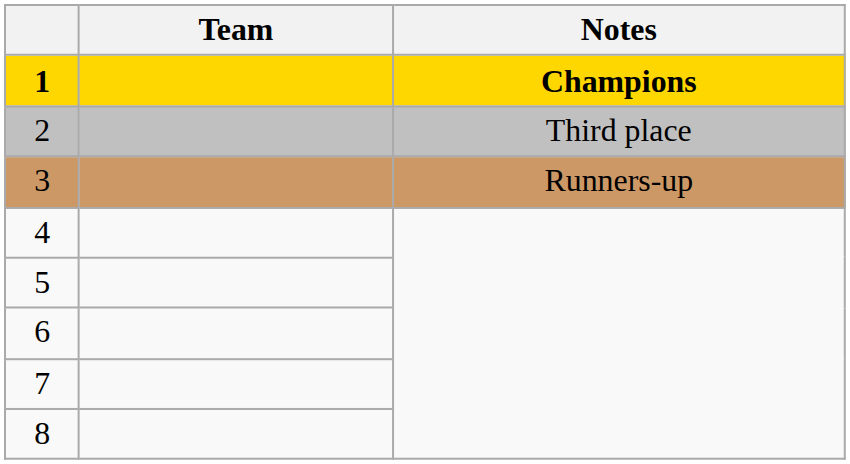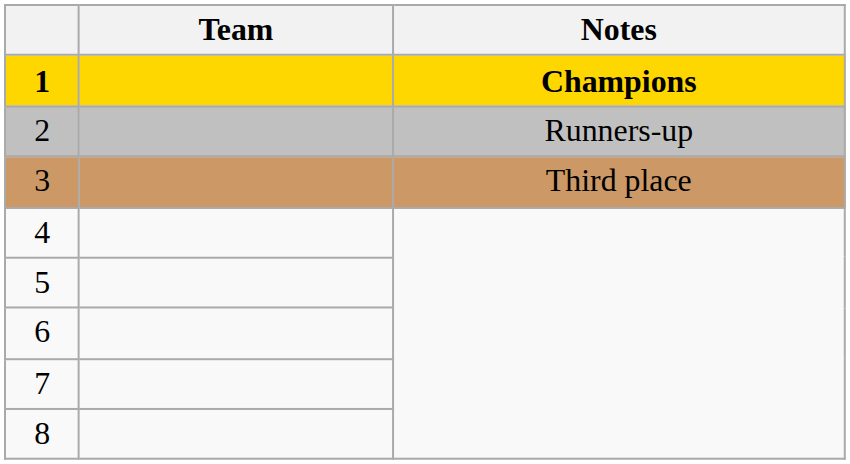 <table class="wikitable" style="text-align: center; font-size: 100%;">
 <tr>
 <th width="30"></th>
 <th width="150">Team</th>
 <th width="220">Notes</th>
 </tr>
 <tr style="background-color: gold;">
 <td><strong>1</strong></td>
 <td align=left></td>
 <td><strong>Champions</strong></td>
 </tr>
 <tr style="background-color: silver;">
 <td>2</td>
 <td align=left></td>
-<td>Third place</td>
+<td>Runners-up</td>
 </tr>
 <tr style="background-color: #C96;">
 <td>3</td>
 <td align=left></td>
-<td>Runners-up</td>
+<td>Third place</td>
 </tr>
 <tr>
 <td>4</td>
 <td align=left></td>
 <td rowspan=5></td>
 </tr>
 <tr>
 <td>5</td>
 <td align=left></td>
 </tr>
 <tr>
 <td>6</td>
 <td align=left></td>
 </tr>
 <tr>
 <td>7</td>
 <td align=left></td>
 </tr>
 <tr>
 <td>8</td>
 <td align=left></td>
 </tr>
 </table>
